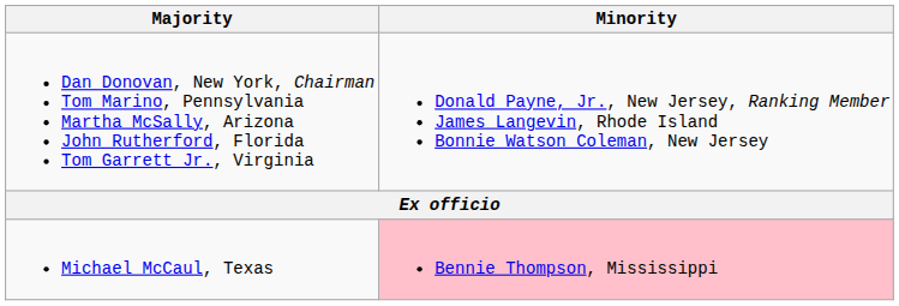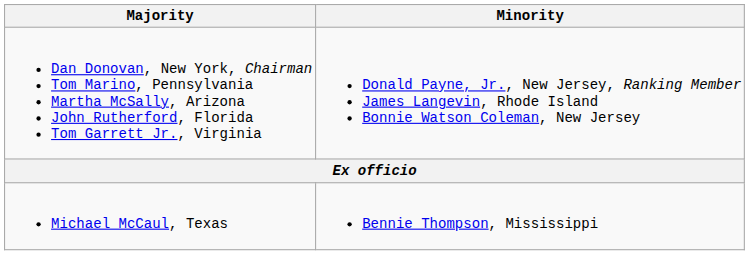 <table class=wikitable>
 <tr>
 <th>Majority</th>
 <th>Minority</th>
 </tr>
 <tr>
 <td><br><ul><li><a href='#'>Dan Donovan</a>, New York, <em>Chairman</em></li><li><a href='#'>Tom Marino</a>, Pennsylvania</li><li><a href='#'>Martha McSally</a>, Arizona</li><li><a href='#'>John Rutherford</a>, Florida</li><li><a href='#'>Tom Garrett Jr.</a>, Virginia</li></ul></td>
 <td><br><ul><li><a href='#'>Donald Payne, Jr.</a>, New Jersey, <em>Ranking Member</em></li><li><a href='#'>James Langevin</a>, Rhode Island</li><li><a href='#'>Bonnie Watson Coleman</a>, New Jersey</li></ul></td>
 </tr>
 <tr>
 <th colspan=2><em>Ex officio</em></th>
 </tr>
 <tr>
 <td><br><ul><li><a href='#'>Michael McCaul</a>, Texas</li></ul></td>
-<td style="background: pink;"><br><ul><li><a href='#'>Bennie Thompson</a>, Mississippi</li></ul></td>
+<td><br><ul><li><a href='#'>Bennie Thompson</a>, Mississippi</li></ul></td>
 </tr>
 </table>
